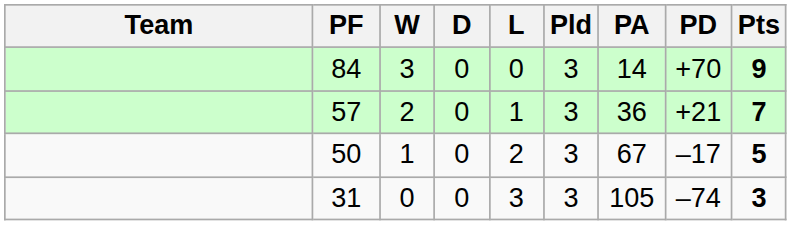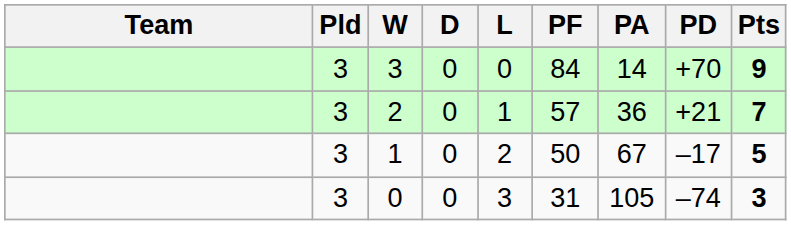 <table class="wikitable" style="text-align:center;">
 <tr>
 <th width=175>Team</th>
-<th width=32 abbr="Points for">PF</th>
+<th width=25 abbr="Played">Pld</th>
 <th width=25 abbr="Won">W</th>
 <th width=25 abbr="Drawn">D</th>
 <th width=25 abbr="Lost">L</th>
-<th width=25 abbr="Played">Pld</th>
+<th width=32 abbr="Points for">PF</th>
 <th width=32 abbr="Points against">PA</th>
 <th width=32 abbr="Points difference">PD</th>
 <th width=25 abbr="Points">Pts</th>
 </tr>
 <tr bgcolor=ccffcc>
 <td align=left></td>
-<td>84</td>
+<td>3</td>
 <td>3</td>
 <td>0</td>
 <td>0</td>
-<td>3</td>
+<td>84</td>
 <td>14</td>
 <td>+70</td>
 <td><strong>9</strong></td>
 </tr>
 <tr bgcolor=ccffcc>
 <td align=left></td>
-<td>57</td>
+<td>3</td>
 <td>2</td>
 <td>0</td>
 <td>1</td>
-<td>3</td>
+<td>57</td>
 <td>36</td>
 <td>+21</td>
 <td><strong>7</strong></td>
 </tr>
 <tr>
 <td align=left></td>
-<td>50</td>
+<td>3</td>
 <td>1</td>
 <td>0</td>
 <td>2</td>
-<td>3</td>
+<td>50</td>
 <td>67</td>
 <td>–17</td>
 <td><strong>5</strong></td>
 </tr>
 <tr>
 <td align=left></td>
-<td>31</td>
+<td>3</td>
 <td>0</td>
 <td>0</td>
 <td>3</td>
-<td>3</td>
+<td>31</td>
 <td>105</td>
 <td>–74</td>
 <td><strong>3</strong></td>
 </tr>
 </table>
